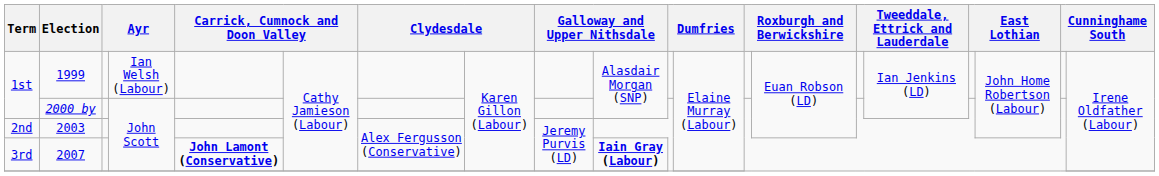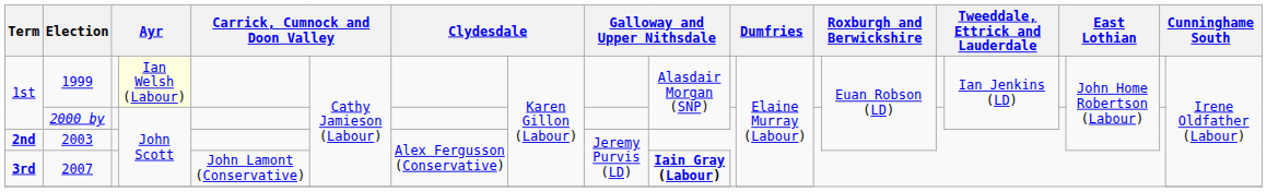 <table class="wikitable" style="text-align:center">
 <tr>
 <th>Term</th>
 <th>Election</th>
 <th colspan="2"><a href='#'>Ayr</a></th>
 <th colspan="2"><a href='#'>Carrick, Cumnock and Doon Valley</a></th>
 <th colspan="2"><a href='#'>Clydesdale</a></th>
 <th colspan="2"><a href='#'>Galloway and Upper Nithsdale</a></th>
 <th colspan="2"><a href='#'>Dumfries</a></th>
 <th colspan="2"><a href='#'>Roxburgh and Berwickshire</a></th>
 <th colspan="2"><a href='#'>Tweeddale, Ettrick and Lauderdale</a></th>
 <th colspan="2"><a href='#'>East Lothian</a></th>
 <th colspan="2"><a href='#'>Cunninghame South</a></th>
 </tr>
 <tr>
 <td rowspan="2"><a href='#'>1st</a></td>
 <td rowspan="1"><a href='#'>1999</a></td>
 <td style="color:inherit;background:"></td>
-<td><a href='#'>Ian Welsh</a><br>(<a href='#'>Labour</a>)</td>
+<td style="background: lightyellow;"><a href='#'>Ian Welsh</a><br>(<a href='#'>Labour</a>)</td>
 <td></td>
 <td rowspan="4"><a href='#'>Cathy Jamieson</a><br>(<a href='#'>Labour</a>)</td>
 <td></td>
 <td rowspan="4"><a href='#'>Karen Gillon</a><br>(<a href='#'>Labour</a>)</td>
 <td></td>
 <td rowspan="2"><a href='#'>Alasdair Morgan</a><br>(<a href='#'>SNP</a>)</td>
 <td></td>
 <td rowspan="4"><a href='#'>Elaine Murray</a><br>(<a href='#'>Labour</a>)</td>
 <td></td>
 <td rowspan="3"><a href='#'>Euan Robson</a><br>(<a href='#'>LD</a>)</td>
 <td></td>
 <td rowspan="2"><a href='#'>Ian Jenkins</a><br>(<a href='#'>LD</a>)</td>
 <td></td>
 <td rowspan="3"><a href='#'>John Home Robertson</a><br>(<a href='#'>Labour</a>)</td>
 <td></td>
 <td rowspan="4"><a href='#'>Irene Oldfather</a><br>(<a href='#'>Labour</a>)</td>
 </tr>
 <tr>
 <td rowspan="1"><a href='#'><em>2000 by</em></a></td>
 <td style="color:inherit;background:"></td>
 <td Rowspan="3"><a href='#'>John Scott</a><br></td>
 </tr>
 <tr>
-<td><a href='#'>2nd</a></td>
+<td><strong><a href='#'>2nd</a></strong></td>
 <td><a href='#'>2003</a></td>
 <td></td>
 <td></td>
 <td Rowspan="2"><a href='#'>Alex Fergusson</a><br>(<a href='#'>Conservative</a>)</td>
 <td rowspan="2"><a href='#'>Jeremy Purvis</a><br>(<a href='#'>LD</a>)</td>
 </tr>
 <tr>
-<td><a href='#'>3rd</a></td>
+<td><strong><a href='#'>3rd</a></strong></td>
 <td><a href='#'>2007</a></td>
 <td style="color:inherit;background:"></td>
-<td><strong><a href='#'>John Lamont</a><br>(<a href='#'>Conservative</a>)</strong></td>
+<td><a href='#'>John Lamont</a><br>(<a href='#'>Conservative</a>)</td>
 <td><strong><a href='#'>Iain Gray</a><br>(<a href='#'>Labour</a>)</strong></td>
 </tr>
 <tr>
 </tr>
 </table>
